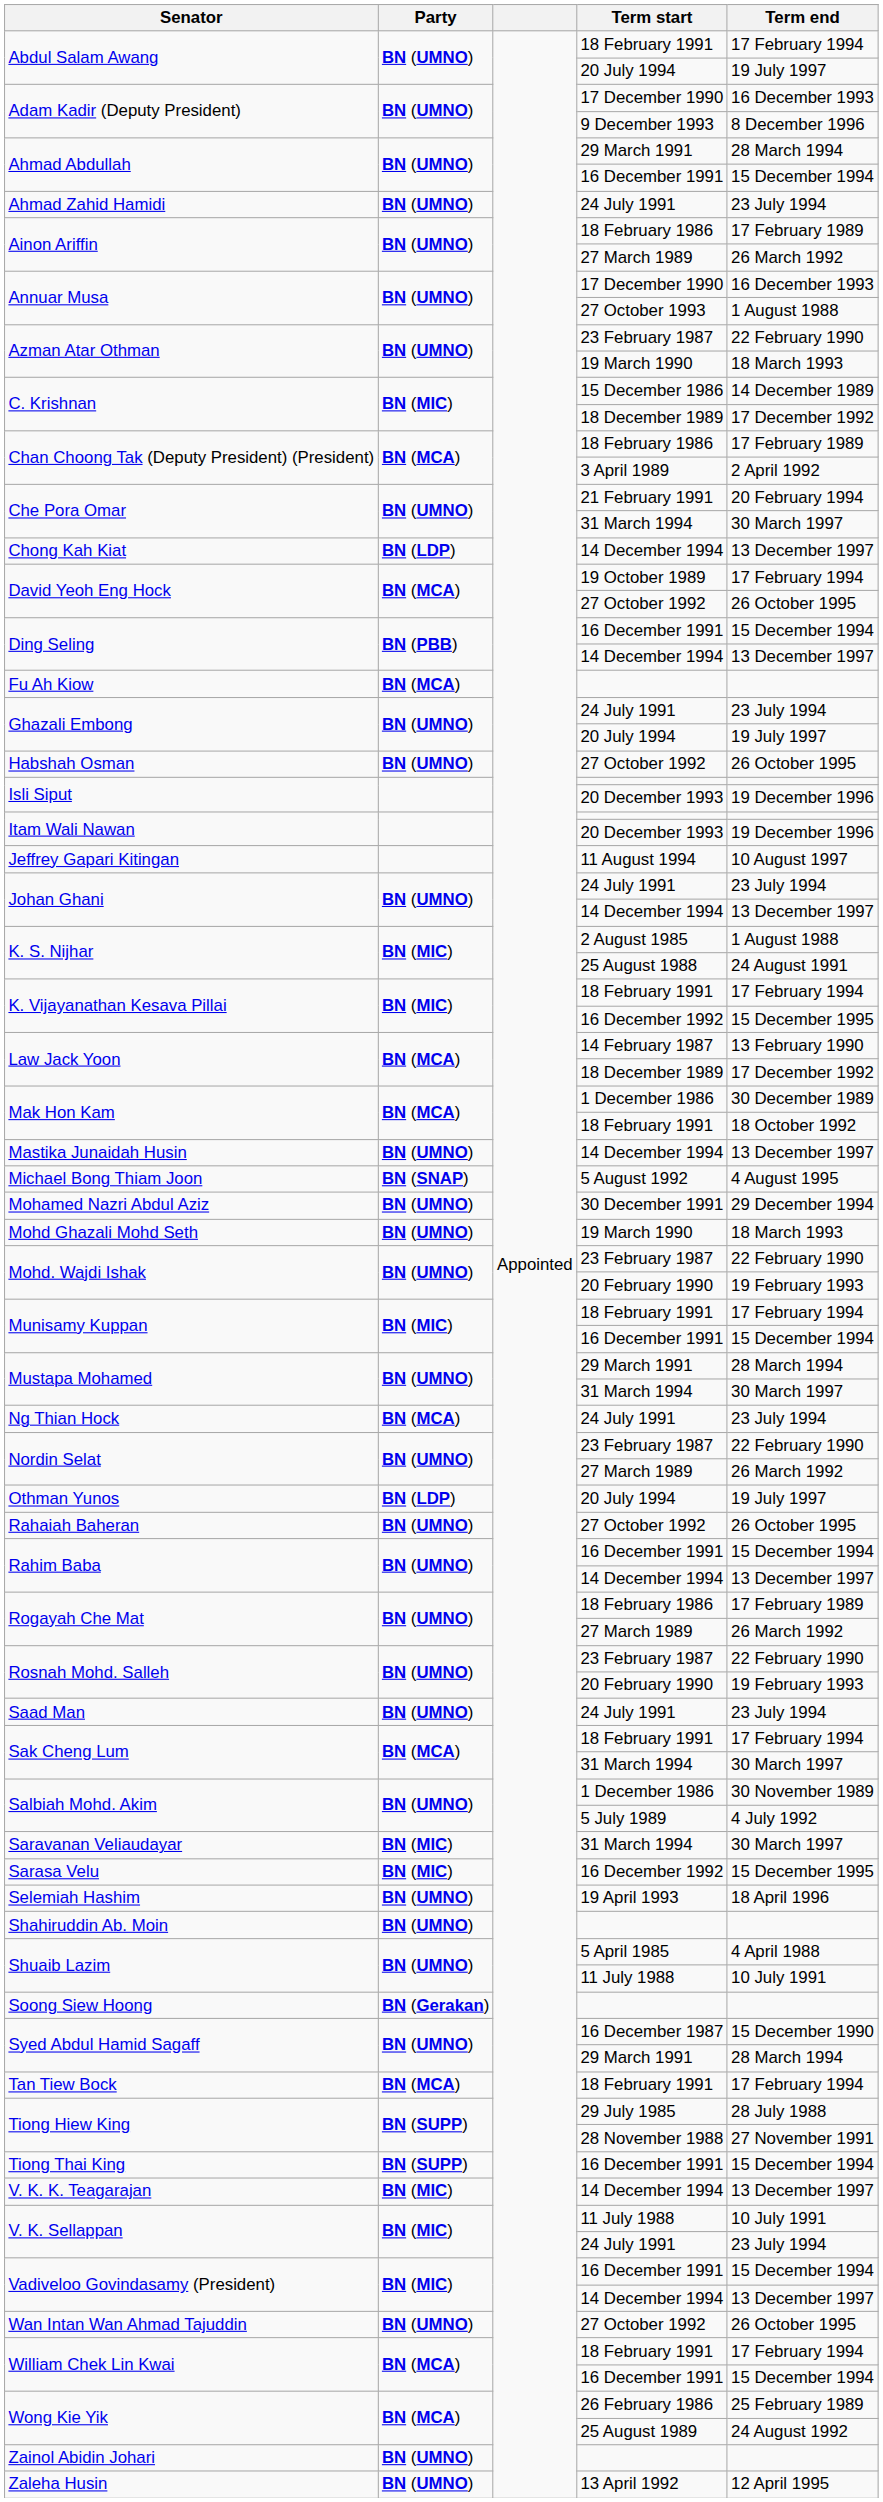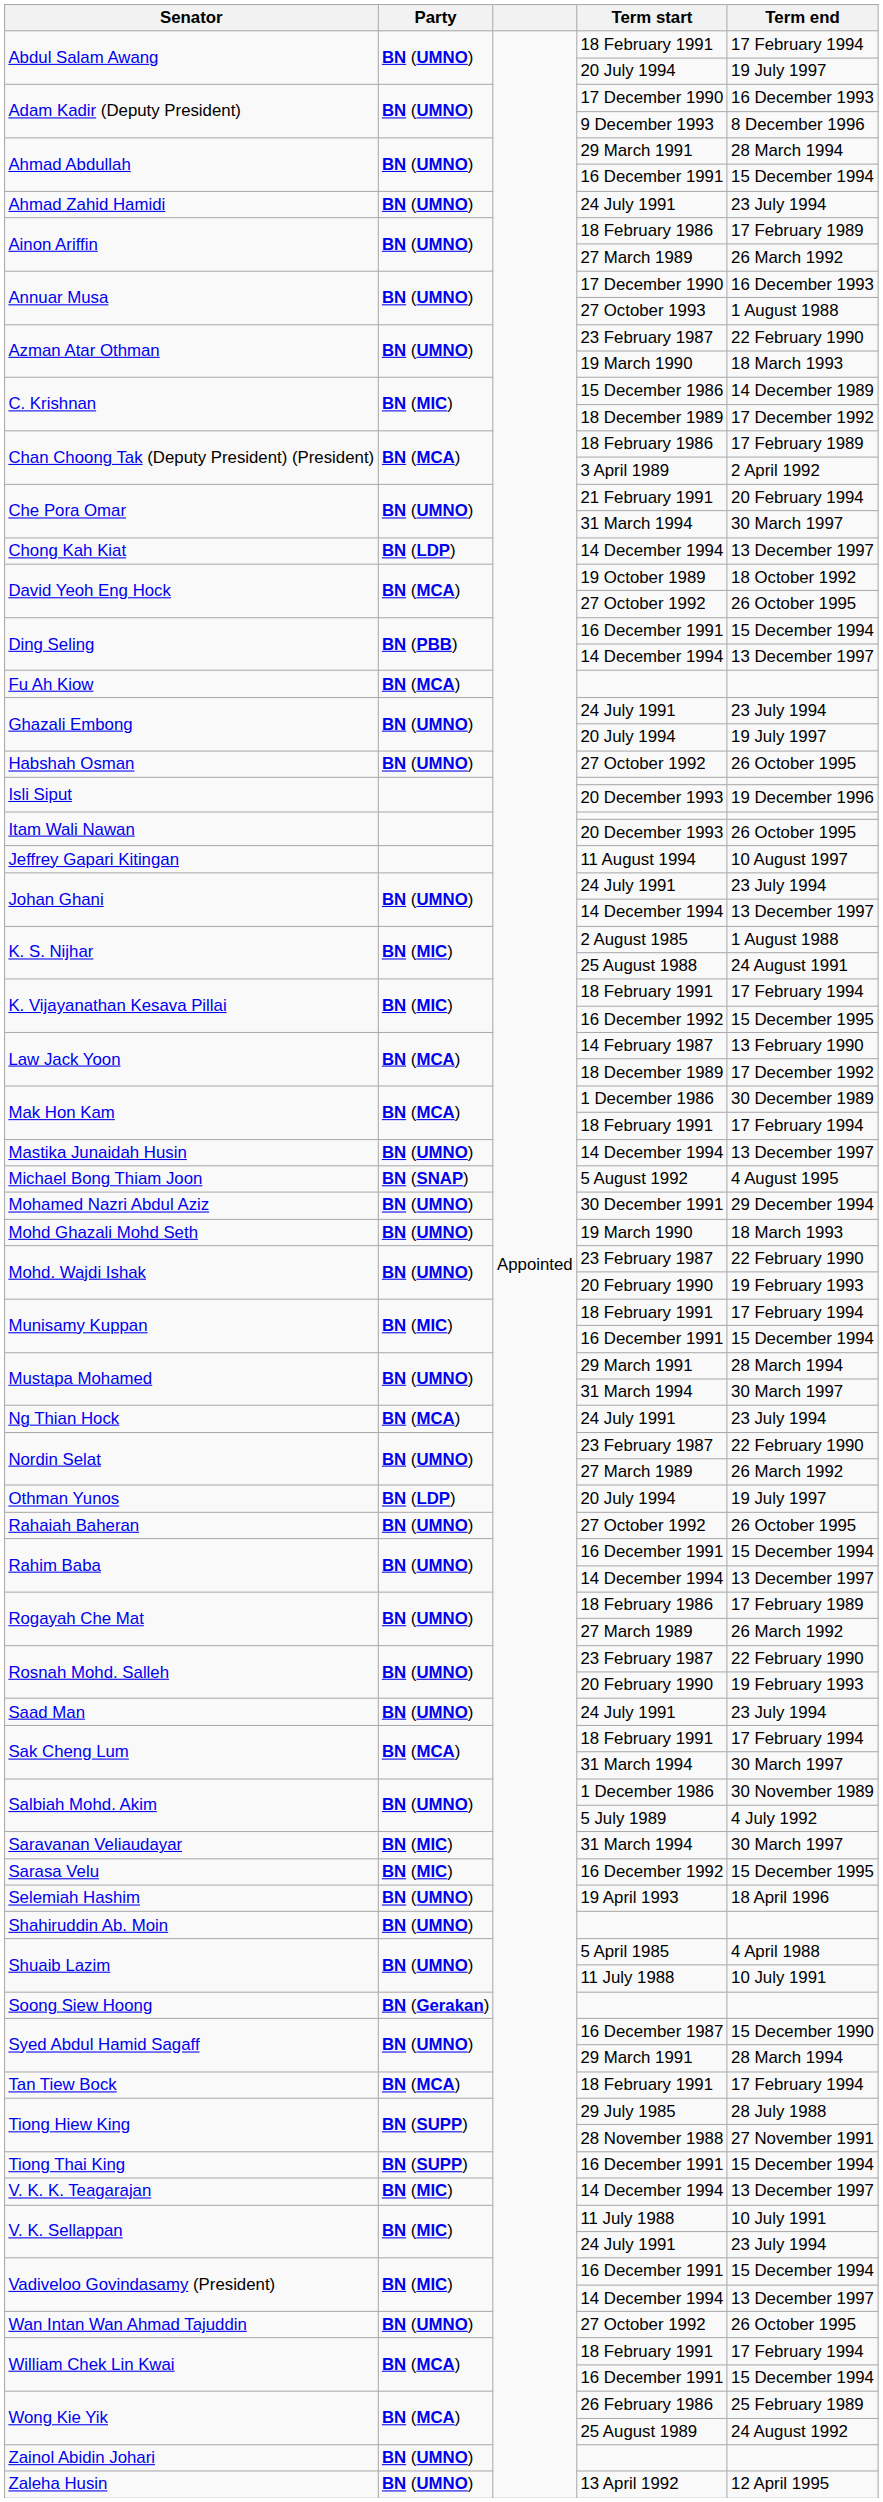 <table class="wikitable sortable">
 <tr>
 <th>Senator</th>
 <th>Party</th>
 <th></th>
 <th>Term start</th>
 <th>Term end</th>
 </tr>
 <tr>
 <td rowspan=2><a href='#'>Abdul Salam Awang</a></td>
 <td rowspan=2><strong><a href='#'>BN</a></strong> (<strong><a href='#'>UMNO</a></strong>)</td>
 <td rowspan=94>Appointed</td>
 <td>18 February 1991</td>
 <td>17 February 1994</td>
 </tr>
 <tr>
 <td>20 July 1994</td>
 <td>19 July 1997</td>
 </tr>
 <tr>
 <td rowspan=2><a href='#'>Adam Kadir</a> (Deputy President)</td>
 <td rowspan=2><strong><a href='#'>BN</a></strong> (<strong><a href='#'>UMNO</a></strong>)</td>
 <td>17 December 1990</td>
 <td>16 December 1993</td>
 </tr>
 <tr>
 <td>9 December 1993</td>
 <td>8 December 1996</td>
 </tr>
 <tr>
 <td rowspan=2><a href='#'>Ahmad Abdullah</a></td>
 <td rowspan=2><strong><a href='#'>BN</a></strong> (<strong><a href='#'>UMNO</a></strong>)</td>
 <td>29 March 1991</td>
 <td>28 March 1994</td>
 </tr>
 <tr>
 <td>16 December 1991</td>
 <td>15 December 1994</td>
 </tr>
 <tr>
 <td><a href='#'>Ahmad Zahid Hamidi</a></td>
 <td><strong><a href='#'>BN</a></strong> (<strong><a href='#'>UMNO</a></strong>)</td>
 <td>24 July 1991</td>
 <td>23 July 1994</td>
 </tr>
 <tr>
 <td rowspan=2><a href='#'>Ainon Ariffin</a></td>
 <td rowspan=2><strong><a href='#'>BN</a></strong> (<strong><a href='#'>UMNO</a></strong>)</td>
 <td>18 February 1986</td>
 <td>17 February 1989</td>
 </tr>
 <tr>
 <td>27 March 1989</td>
 <td>26 March 1992</td>
 </tr>
 <tr>
 <td rowspan=2><a href='#'>Annuar Musa</a></td>
 <td rowspan=2><strong><a href='#'>BN</a></strong> (<strong><a href='#'>UMNO</a></strong>)</td>
 <td>17 December 1990</td>
 <td>16 December 1993</td>
 </tr>
 <tr>
 <td>27 October 1993</td>
 <td>1 August 1988</td>
 </tr>
 <tr>
 <td rowspan=2><a href='#'>Azman Atar Othman</a></td>
 <td rowspan=2><strong><a href='#'>BN</a></strong> (<strong><a href='#'>UMNO</a></strong>)</td>
 <td>23 February 1987</td>
 <td>22 February 1990</td>
 </tr>
 <tr>
 <td>19 March 1990</td>
 <td>18 March 1993</td>
 </tr>
 <tr>
 <td rowspan=2><a href='#'>C. Krishnan</a></td>
 <td rowspan=2><strong><a href='#'>BN</a></strong> (<strong><a href='#'>MIC</a></strong>)</td>
 <td>15 December 1986</td>
 <td>14 December 1989</td>
 </tr>
 <tr>
 <td>18 December 1989</td>
 <td>17 December 1992</td>
 </tr>
 <tr>
 <td rowspan=2><a href='#'>Chan Choong Tak</a> (Deputy President) (President)</td>
 <td rowspan=2><strong><a href='#'>BN</a></strong> (<strong><a href='#'>MCA</a></strong>)</td>
 <td>18 February 1986</td>
 <td>17 February 1989</td>
 </tr>
 <tr>
 <td>3 April 1989</td>
 <td>2 April 1992</td>
 </tr>
 <tr>
 <td rowspan=2><a href='#'>Che Pora Omar</a></td>
 <td rowspan=2><strong><a href='#'>BN</a></strong> (<strong><a href='#'>UMNO</a></strong>)</td>
 <td>21 February 1991</td>
 <td>20 February 1994</td>
 </tr>
 <tr>
 <td>31 March 1994</td>
 <td>30 March 1997</td>
 </tr>
 <tr>
 <td><a href='#'>Chong Kah Kiat</a></td>
 <td><strong><a href='#'>BN</a></strong> (<strong><a href='#'>LDP</a></strong>)</td>
 <td>14 December 1994</td>
 <td>13 December 1997</td>
 </tr>
 <tr>
 <td rowspan=2><a href='#'>David Yeoh Eng Hock</a></td>
 <td rowspan=2><strong><a href='#'>BN</a></strong> (<strong><a href='#'>MCA</a></strong>)</td>
 <td>19 October 1989</td>
-<td>17 February 1994</td>
+<td>18 October 1992</td>
 </tr>
 <tr>
 <td>27 October 1992</td>
 <td>26 October 1995</td>
 </tr>
 <tr>
 <td rowspan=2><a href='#'>Ding Seling</a></td>
 <td rowspan=2><strong><a href='#'>BN</a></strong> (<strong><a href='#'>PBB</a></strong>)</td>
 <td>16 December 1991</td>
 <td>15 December 1994</td>
 </tr>
 <tr>
 <td>14 December 1994</td>
 <td>13 December 1997</td>
 </tr>
 <tr>
 <td><a href='#'>Fu Ah Kiow</a></td>
 <td><strong><a href='#'>BN</a></strong> (<strong><a href='#'>MCA</a></strong>)</td>
 <td></td>
 <td></td>
 </tr>
 <tr>
 <td rowspan=2><a href='#'>Ghazali Embong</a></td>
 <td rowspan=2><strong><a href='#'>BN</a></strong> (<strong><a href='#'>UMNO</a></strong>)</td>
 <td>24 July 1991</td>
 <td>23 July 1994</td>
 </tr>
 <tr>
 <td>20 July 1994</td>
 <td>19 July 1997</td>
 </tr>
 <tr>
 <td><a href='#'>Habshah Osman</a></td>
 <td><strong><a href='#'>BN</a></strong> (<strong><a href='#'>UMNO</a></strong>)</td>
 <td>27 October 1992</td>
 <td>26 October 1995</td>
 </tr>
 <tr>
 <td rowspan=2><a href='#'>Isli Siput</a></td>
 <td rowspan=2></td>
 <td></td>
 <td></td>
 </tr>
 <tr>
 <td>20 December 1993</td>
 <td>19 December 1996</td>
 </tr>
 <tr>
 <td rowspan=2><a href='#'>Itam Wali Nawan</a></td>
 <td rowspan=2></td>
 <td></td>
 <td></td>
 </tr>
 <tr>
 <td>20 December 1993</td>
-<td>19 December 1996</td>
+<td>26 October 1995</td>
 </tr>
 <tr>
 <td><a href='#'>Jeffrey Gapari Kitingan</a></td>
 <td></td>
 <td>11 August 1994</td>
 <td>10 August 1997</td>
 </tr>
 <tr>
 <td rowspan=2><a href='#'>Johan Ghani</a></td>
 <td rowspan=2><strong><a href='#'>BN</a></strong> (<strong><a href='#'>UMNO</a></strong>)</td>
 <td>24 July 1991</td>
 <td>23 July 1994</td>
 </tr>
 <tr>
 <td>14 December 1994</td>
 <td>13 December 1997</td>
 </tr>
 <tr>
 <td rowspan=2><a href='#'>K. S. Nijhar</a></td>
 <td rowspan=2><strong><a href='#'>BN</a></strong> (<strong><a href='#'>MIC</a></strong>)</td>
 <td>2 August 1985</td>
 <td>1 August 1988</td>
 </tr>
 <tr>
 <td>25 August 1988</td>
 <td>24 August 1991</td>
 </tr>
 <tr>
 <td rowspan=2><a href='#'>K. Vijayanathan Kesava Pillai</a></td>
 <td rowspan=2><strong><a href='#'>BN</a></strong> (<strong><a href='#'>MIC</a></strong>)</td>
 <td>18 February 1991</td>
 <td>17 February 1994</td>
 </tr>
 <tr>
 <td>16 December 1992</td>
 <td>15 December 1995</td>
 </tr>
 <tr>
 <td rowspan=2><a href='#'>Law Jack Yoon</a></td>
 <td rowspan=2><strong><a href='#'>BN</a></strong> (<strong><a href='#'>MCA</a></strong>)</td>
 <td>14 February 1987</td>
 <td>13 February 1990</td>
 </tr>
 <tr>
 <td>18 December 1989</td>
 <td>17 December 1992</td>
 </tr>
 <tr>
 <td rowspan=2><a href='#'>Mak Hon Kam</a></td>
 <td rowspan=2><strong><a href='#'>BN</a></strong> (<strong><a href='#'>MCA</a></strong>)</td>
 <td>1 December 1986</td>
 <td>30 December 1989</td>
 </tr>
 <tr>
 <td>18 February 1991</td>
-<td>18 October 1992</td>
+<td>17 February 1994</td>
 </tr>
 <tr>
 <td><a href='#'>Mastika Junaidah Husin</a></td>
 <td><strong><a href='#'>BN</a></strong> (<strong><a href='#'>UMNO</a></strong>)</td>
 <td>14 December 1994</td>
 <td>13 December 1997</td>
 </tr>
 <tr>
 <td><a href='#'>Michael Bong Thiam Joon</a></td>
 <td><strong><a href='#'>BN</a></strong> (<strong><a href='#'>SNAP</a></strong>)</td>
 <td>5 August 1992</td>
 <td>4 August 1995</td>
 </tr>
 <tr>
 <td><a href='#'>Mohamed Nazri Abdul Aziz</a></td>
 <td><strong><a href='#'>BN</a></strong> (<strong><a href='#'>UMNO</a></strong>)</td>
 <td>30 December 1991</td>
 <td>29 December 1994</td>
 </tr>
 <tr>
 <td><a href='#'>Mohd Ghazali Mohd Seth</a></td>
 <td><strong><a href='#'>BN</a></strong> (<strong><a href='#'>UMNO</a></strong>)</td>
 <td>19 March 1990</td>
 <td>18 March 1993</td>
 </tr>
 <tr>
 <td rowspan=2><a href='#'>Mohd. Wajdi Ishak</a></td>
 <td rowspan=2><strong><a href='#'>BN</a></strong> (<strong><a href='#'>UMNO</a></strong>)</td>
 <td>23 February 1987</td>
 <td>22 February 1990</td>
 </tr>
 <tr>
 <td>20 February 1990</td>
 <td>19 February 1993</td>
 </tr>
 <tr>
 <td rowspan=2><a href='#'>Munisamy Kuppan</a></td>
 <td rowspan=2><strong><a href='#'>BN</a></strong> (<strong><a href='#'>MIC</a></strong>)</td>
 <td>18 February 1991</td>
 <td>17 February 1994</td>
 </tr>
 <tr>
 <td>16 December 1991</td>
 <td>15 December 1994</td>
 </tr>
 <tr>
 <td rowspan=2><a href='#'>Mustapa Mohamed</a></td>
 <td rowspan=2><strong><a href='#'>BN</a></strong> (<strong><a href='#'>UMNO</a></strong>)</td>
 <td>29 March 1991</td>
 <td>28 March 1994</td>
 </tr>
 <tr>
 <td>31 March 1994</td>
 <td>30 March 1997</td>
 </tr>
 <tr>
 <td><a href='#'>Ng Thian Hock</a></td>
 <td><strong><a href='#'>BN</a></strong> (<strong><a href='#'>MCA</a></strong>)</td>
 <td>24 July 1991</td>
 <td>23 July 1994</td>
 </tr>
 <tr>
 <td rowspan=2><a href='#'>Nordin Selat</a></td>
 <td rowspan=2><strong><a href='#'>BN</a></strong> (<strong><a href='#'>UMNO</a></strong>)</td>
 <td>23 February 1987</td>
 <td>22 February 1990</td>
 </tr>
 <tr>
 <td>27 March 1989</td>
 <td>26 March 1992</td>
 </tr>
 <tr>
 <td><a href='#'>Othman Yunos</a></td>
 <td><strong><a href='#'>BN</a></strong> (<strong><a href='#'>LDP</a></strong>)</td>
 <td>20 July 1994</td>
 <td>19 July 1997</td>
 </tr>
 <tr>
 <td><a href='#'>Rahaiah Baheran</a></td>
 <td><strong><a href='#'>BN</a></strong> (<strong><a href='#'>UMNO</a></strong>)</td>
 <td>27 October 1992</td>
 <td>26 October 1995</td>
 </tr>
 <tr>
 <td rowspan=2><a href='#'>Rahim Baba</a></td>
 <td rowspan=2><strong><a href='#'>BN</a></strong> (<strong><a href='#'>UMNO</a></strong>)</td>
 <td>16 December 1991</td>
 <td>15 December 1994</td>
 </tr>
 <tr>
 <td>14 December 1994</td>
 <td>13 December 1997</td>
 </tr>
 <tr>
 <td rowspan=2><a href='#'>Rogayah Che Mat</a></td>
 <td rowspan=2><strong><a href='#'>BN</a></strong> (<strong><a href='#'>UMNO</a></strong>)</td>
 <td>18 February 1986</td>
 <td>17 February 1989</td>
 </tr>
 <tr>
 <td>27 March 1989</td>
 <td>26 March 1992</td>
 </tr>
 <tr>
 <td rowspan=2><a href='#'>Rosnah Mohd. Salleh</a></td>
 <td rowspan=2><strong><a href='#'>BN</a></strong> (<strong><a href='#'>UMNO</a></strong>)</td>
 <td>23 February 1987</td>
 <td>22 February 1990</td>
 </tr>
 <tr>
 <td>20 February 1990</td>
 <td>19 February 1993</td>
 </tr>
 <tr>
 <td><a href='#'>Saad Man</a></td>
 <td><strong><a href='#'>BN</a></strong> (<strong><a href='#'>UMNO</a></strong>)</td>
 <td>24 July 1991</td>
 <td>23 July 1994</td>
 </tr>
 <tr>
 <td rowspan=2><a href='#'>Sak Cheng Lum</a></td>
 <td rowspan=2><strong><a href='#'>BN</a></strong> (<strong><a href='#'>MCA</a></strong>)</td>
 <td>18 February 1991</td>
 <td>17 February 1994</td>
 </tr>
 <tr>
 <td>31 March 1994</td>
 <td>30 March 1997</td>
 </tr>
 <tr>
 <td rowspan=2><a href='#'>Salbiah Mohd. Akim</a></td>
 <td rowspan=2><strong><a href='#'>BN</a></strong> (<strong><a href='#'>UMNO</a></strong>)</td>
 <td>1 December 1986</td>
 <td>30 November 1989</td>
 </tr>
 <tr>
 <td>5 July 1989</td>
 <td>4 July 1992</td>
 </tr>
 <tr>
 <td><a href='#'>Saravanan Veliaudayar</a></td>
 <td><strong><a href='#'>BN</a></strong> (<strong><a href='#'>MIC</a></strong>)</td>
 <td>31 March 1994</td>
 <td>30 March 1997</td>
 </tr>
 <tr>
 <td><a href='#'>Sarasa Velu</a></td>
 <td><strong><a href='#'>BN</a></strong> (<strong><a href='#'>MIC</a></strong>)</td>
 <td>16 December 1992</td>
 <td>15 December 1995</td>
 </tr>
 <tr>
 <td><a href='#'>Selemiah Hashim</a></td>
 <td><strong><a href='#'>BN</a></strong> (<strong><a href='#'>UMNO</a></strong>)</td>
 <td>19 April 1993</td>
 <td>18 April 1996</td>
 </tr>
 <tr>
 <td><a href='#'>Shahiruddin Ab. Moin</a></td>
 <td><strong><a href='#'>BN</a></strong> (<strong><a href='#'>UMNO</a></strong>)</td>
 <td></td>
 <td></td>
 </tr>
 <tr>
 <td rowspan=2><a href='#'>Shuaib Lazim</a></td>
 <td rowspan=2><strong><a href='#'>BN</a></strong> (<strong><a href='#'>UMNO</a></strong>)</td>
 <td>5 April 1985</td>
 <td>4 April 1988</td>
 </tr>
 <tr>
 <td>11 July 1988</td>
 <td>10 July 1991</td>
 </tr>
 <tr>
 <td><a href='#'>Soong Siew Hoong</a></td>
 <td><strong><a href='#'>BN</a></strong> (<strong><a href='#'>Gerakan</a></strong>)</td>
 <td></td>
 <td></td>
 </tr>
 <tr>
 <td rowspan=2><a href='#'>Syed Abdul Hamid Sagaff</a></td>
 <td rowspan=2><strong><a href='#'>BN</a></strong> (<strong><a href='#'>UMNO</a></strong>)</td>
 <td>16 December 1987</td>
 <td>15 December 1990</td>
 </tr>
 <tr>
 <td>29 March 1991</td>
 <td>28 March 1994</td>
 </tr>
 <tr>
 <td><a href='#'>Tan Tiew Bock</a></td>
 <td><strong><a href='#'>BN</a></strong> (<strong><a href='#'>MCA</a></strong>)</td>
 <td>18 February 1991</td>
 <td>17 February 1994</td>
 </tr>
 <tr>
 <td rowspan=2><a href='#'>Tiong Hiew King</a></td>
 <td rowspan=2><strong><a href='#'>BN</a></strong> (<strong><a href='#'>SUPP</a></strong>)</td>
 <td>29 July 1985</td>
 <td>28 July 1988</td>
 </tr>
 <tr>
 <td>28 November 1988</td>
 <td>27 November 1991</td>
 </tr>
 <tr>
 <td><a href='#'>Tiong Thai King</a></td>
 <td><strong><a href='#'>BN</a></strong> (<strong><a href='#'>SUPP</a></strong>)</td>
 <td>16 December 1991</td>
 <td>15 December 1994</td>
 </tr>
 <tr>
 <td><a href='#'>V. K. K. Teagarajan</a></td>
 <td><strong><a href='#'>BN</a></strong> (<strong><a href='#'>MIC</a></strong>)</td>
 <td>14 December 1994</td>
 <td>13 December 1997</td>
 </tr>
 <tr>
 <td rowspan=2><a href='#'>V. K. Sellappan</a></td>
 <td rowspan=2><strong><a href='#'>BN</a></strong> (<strong><a href='#'>MIC</a></strong>)</td>
 <td>11 July 1988</td>
 <td>10 July 1991</td>
 </tr>
 <tr>
 <td>24 July 1991</td>
 <td>23 July 1994</td>
 </tr>
 <tr>
 <td rowspan=2><a href='#'>Vadiveloo Govindasamy</a> (President)</td>
 <td rowspan=2><strong><a href='#'>BN</a></strong> (<strong><a href='#'>MIC</a></strong>)</td>
 <td>16 December 1991</td>
 <td>15 December 1994</td>
 </tr>
 <tr>
 <td>14 December 1994</td>
 <td>13 December 1997</td>
 </tr>
 <tr>
 <td><a href='#'>Wan Intan Wan Ahmad Tajuddin</a></td>
 <td><strong><a href='#'>BN</a></strong> (<strong><a href='#'>UMNO</a></strong>)</td>
 <td>27 October 1992</td>
 <td>26 October 1995</td>
 </tr>
 <tr>
 <td rowspan=2><a href='#'>William Chek Lin Kwai</a></td>
 <td rowspan=2><strong><a href='#'>BN</a></strong> (<strong><a href='#'>MCA</a></strong>)</td>
 <td>18 February 1991</td>
 <td>17 February 1994</td>
 </tr>
 <tr>
 <td>16 December 1991</td>
 <td>15 December 1994</td>
 </tr>
 <tr>
 <td rowspan=2><a href='#'>Wong Kie Yik</a></td>
 <td rowspan=2><strong><a href='#'>BN</a></strong> (<strong><a href='#'>MCA</a></strong>)</td>
 <td>26 February 1986</td>
 <td>25 February 1989</td>
 </tr>
 <tr>
 <td>25 August 1989</td>
 <td>24 August 1992</td>
 </tr>
 <tr>
 <td><a href='#'>Zainol Abidin Johari</a></td>
 <td><strong><a href='#'>BN</a></strong> (<strong><a href='#'>UMNO</a></strong>)</td>
 <td></td>
 <td></td>
 </tr>
 <tr>
 <td><a href='#'>Zaleha Husin</a></td>
 <td><strong><a href='#'>BN</a></strong> (<strong><a href='#'>UMNO</a></strong>)</td>
 <td>13 April 1992</td>
 <td>12 April 1995</td>
 </tr>
 </table>
